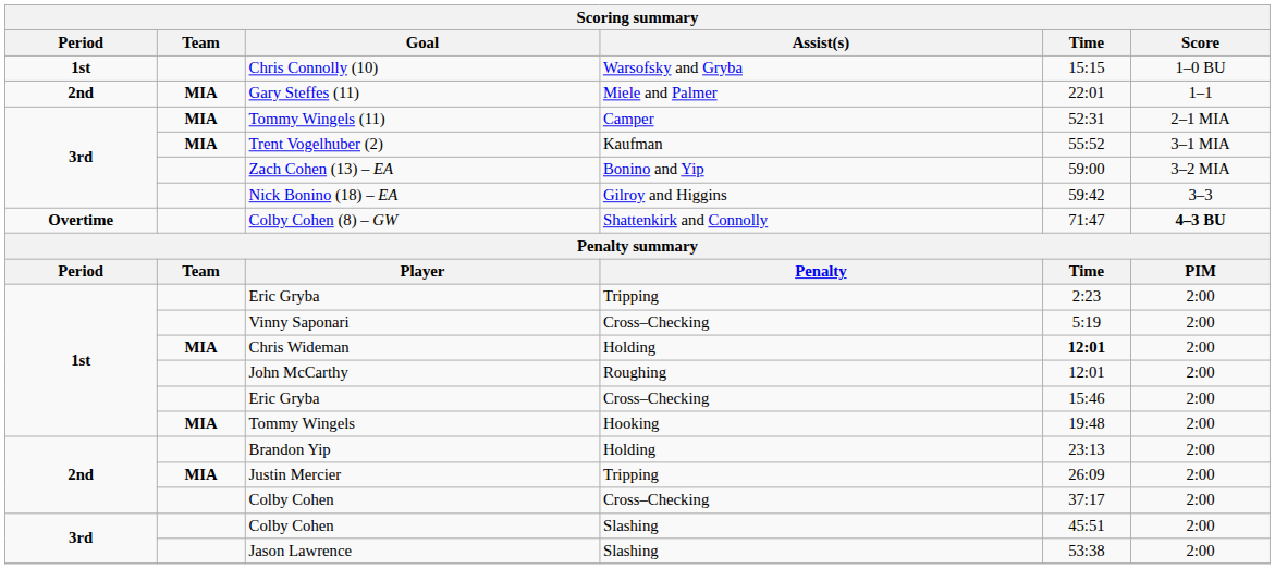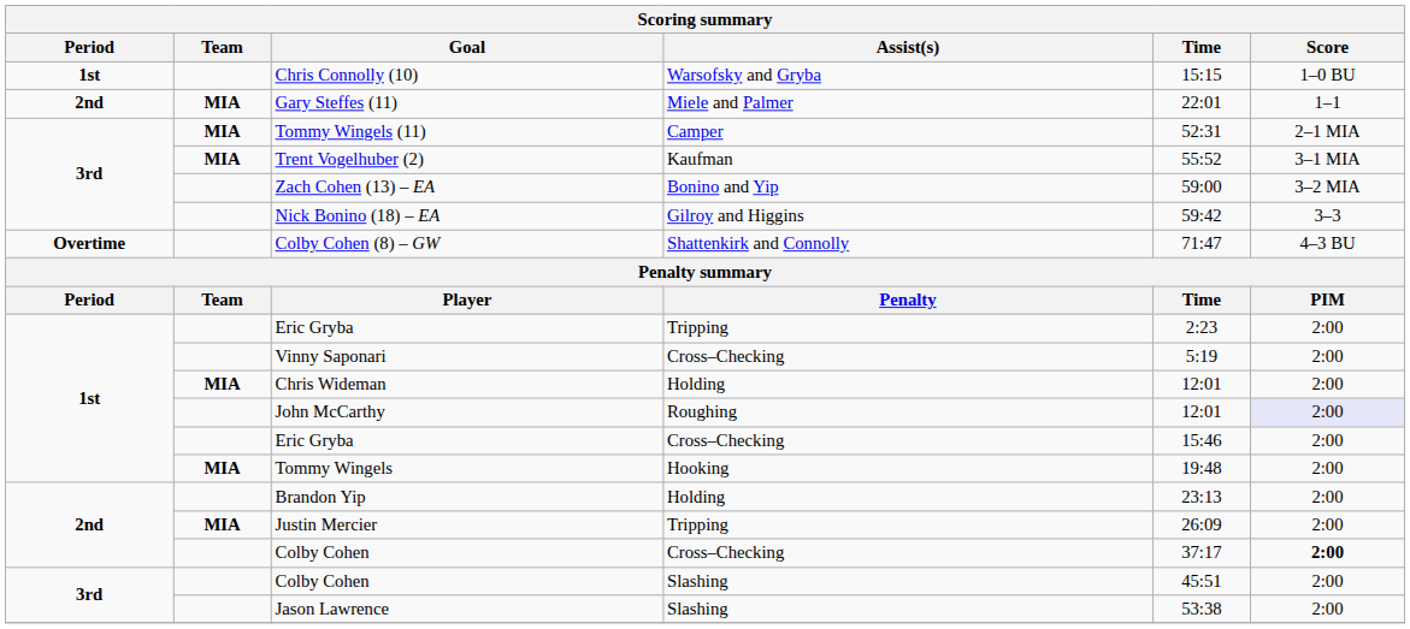 <table style="width:100%;" class="wikitable">
 <tr>
 <th colspan=6>Scoring summary</th>
 </tr>
 <tr>
 <th style="width:12%;">Period</th>
 <th style="width:7%;">Team</th>
 <th style="width:28%;">Goal</th>
 <th style="width:35%;">Assist(s)</th>
 <th style="width:7%;">Time</th>
 <th style="width:11%;">Score</th>
 </tr>
 <tr>
 <td style="text-align:center;" rowspan="1"><strong>1st</strong></td>
 <td align=center style=><strong></strong></td>
 <td><a href='#'>Chris Connolly</a> (10)</td>
 <td><a href='#'>Warsofsky</a> and <a href='#'>Gryba</a></td>
 <td align=center>15:15</td>
 <td align=center>1–0 BU</td>
 </tr>
 <tr>
 <td style="text-align:center;" rowspan="1"><strong>2nd</strong></td>
 <td align=center><strong>MIA</strong></td>
 <td><a href='#'>Gary Steffes</a> (11)</td>
 <td><a href='#'>Miele</a> and <a href='#'>Palmer</a></td>
 <td align=center>22:01</td>
 <td align=center>1–1</td>
 </tr>
 <tr>
 <td style="text-align:center;" rowspan="4"><strong>3rd</strong></td>
 <td align=center><strong>MIA</strong></td>
 <td><a href='#'>Tommy Wingels</a> (11)</td>
 <td><a href='#'>Camper</a></td>
 <td align=center>52:31</td>
 <td align=center>2–1 MIA</td>
 </tr>
 <tr>
 <td align=center><strong>MIA</strong></td>
 <td><a href='#'>Trent Vogelhuber</a> (2)</td>
 <td>Kaufman</td>
 <td align=center>55:52</td>
 <td align=center>3–1 MIA</td>
 </tr>
 <tr>
 <td align=center style=><strong></strong></td>
 <td><a href='#'>Zach Cohen</a> (13) – <em>EA</em></td>
 <td><a href='#'>Bonino</a> and <a href='#'>Yip</a></td>
 <td align=center>59:00</td>
 <td align=center>3–2 MIA</td>
 </tr>
 <tr>
 <td align=center style=><strong></strong></td>
 <td><a href='#'>Nick Bonino</a> (18) – <em>EA</em></td>
 <td><a href='#'>Gilroy</a> and Higgins</td>
 <td align=center>59:42</td>
 <td align=center>3–3</td>
 </tr>
 <tr>
 <td style="text-align:center;" rowspan="1"><strong>Overtime</strong></td>
 <td align=center style=><strong></strong></td>
 <td><a href='#'>Colby Cohen</a> (8) – <em>GW</em></td>
 <td><a href='#'>Shattenkirk</a> and <a href='#'>Connolly</a></td>
 <td align=center>71:47</td>
-<td align=center><strong>4–3 BU</strong></td>
+<td align=center>4–3 BU</td>
 </tr>
 <tr>
 <th colspan=6>Penalty summary</th>
 </tr>
 <tr>
 <th style="width:12%;">Period</th>
 <th style="width:7%;">Team</th>
 <th style="width:28%;">Player</th>
 <th style="width:35%;"><a href='#'>Penalty</a></th>
 <th style="width:7%;">Time</th>
 <th style="width:11%;">PIM</th>
 </tr>
 <tr>
 <td style="text-align:center;" rowspan="6"><strong>1st</strong></td>
 <td align=center style=><strong></strong></td>
 <td>Eric Gryba</td>
 <td>Tripping</td>
 <td align=center>2:23</td>
 <td align=center>2:00</td>
 </tr>
 <tr>
 <td align=center style=><strong></strong></td>
 <td>Vinny Saponari</td>
 <td>Cross–Checking</td>
 <td align=center>5:19</td>
 <td align=center>2:00</td>
 </tr>
 <tr>
 <td align=center><strong>MIA</strong></td>
 <td>Chris Wideman</td>
 <td>Holding</td>
-<td align=center><strong>12:01</strong></td>
+<td align=center>12:01</td>
 <td align=center>2:00</td>
 </tr>
 <tr>
 <td align=center style=><strong></strong></td>
 <td>John McCarthy</td>
 <td>Roughing</td>
 <td align=center>12:01</td>
-<td align=center>2:00</td>
+<td align=center style="background: lavender;">2:00</td>
 </tr>
 <tr>
 <td align=center style=><strong></strong></td>
 <td>Eric Gryba</td>
 <td>Cross–Checking</td>
 <td align=center>15:46</td>
 <td align=center>2:00</td>
 </tr>
 <tr>
 <td align=center><strong>MIA</strong></td>
 <td>Tommy Wingels</td>
 <td>Hooking</td>
 <td align=center>19:48</td>
 <td align=center>2:00</td>
 </tr>
 <tr>
 <td style="text-align:center;" rowspan="3"><strong>2nd</strong></td>
 <td align=center style=><strong></strong></td>
 <td>Brandon Yip</td>
 <td>Holding</td>
 <td align=center>23:13</td>
 <td align=center>2:00</td>
 </tr>
 <tr>
 <td align=center><strong>MIA</strong></td>
 <td>Justin Mercier</td>
 <td>Tripping</td>
 <td align=center>26:09</td>
 <td align=center>2:00</td>
 </tr>
 <tr>
 <td align=center style=><strong></strong></td>
 <td>Colby Cohen</td>
 <td>Cross–Checking</td>
 <td align=center>37:17</td>
-<td align=center>2:00</td>
+<td align=center><strong>2:00</strong></td>
 </tr>
 <tr>
 <td style="text-align:center;" rowspan="2"><strong>3rd</strong></td>
 <td align=center style=><strong></strong></td>
 <td>Colby Cohen</td>
 <td>Slashing</td>
 <td align=center>45:51</td>
 <td align=center>2:00</td>
 </tr>
 <tr>
 <td align=center style=><strong></strong></td>
 <td>Jason Lawrence</td>
 <td>Slashing</td>
 <td align=center>53:38</td>
 <td align=center>2:00</td>
 </tr>
 <tr>
 </tr>
 </table>
